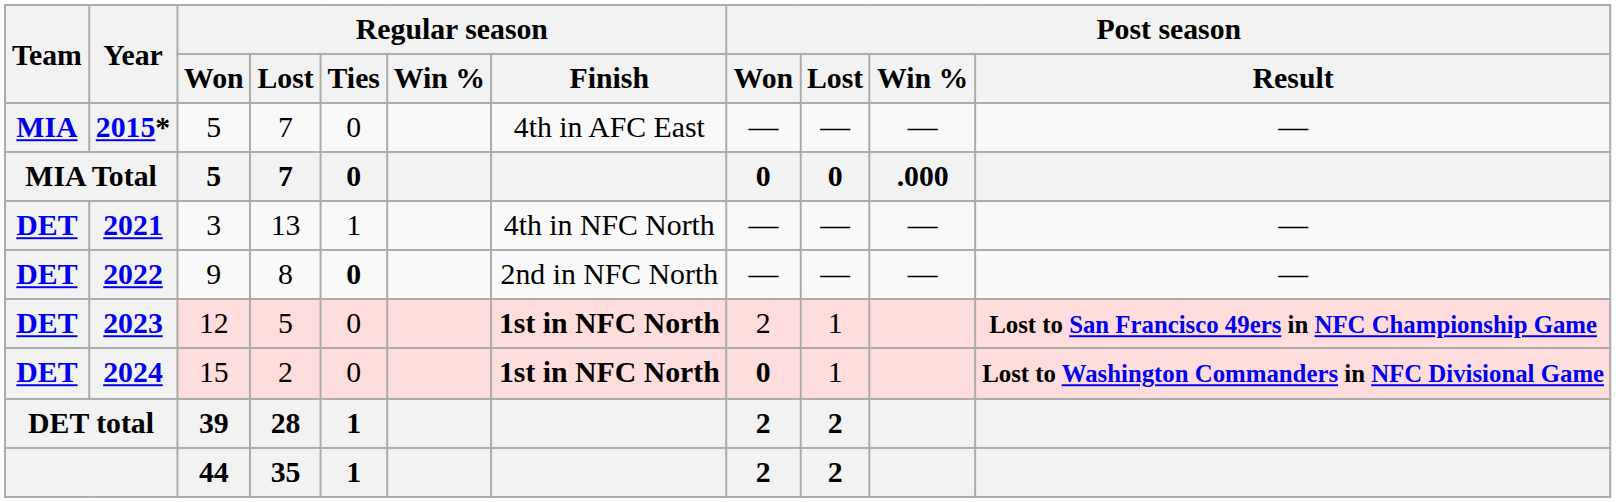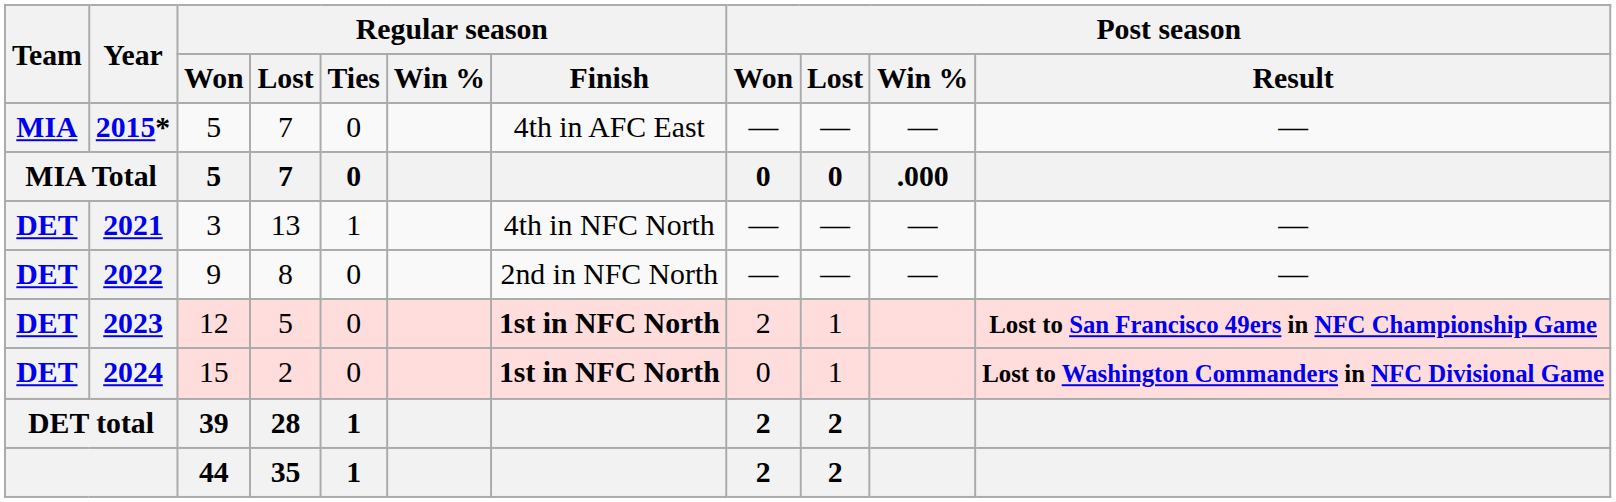 <table class="wikitable" style="font-size: 95%; text-align:center;">
 <tr>
 <th rowspan="2">Team</th>
 <th rowspan="2">Year</th>
 <th colspan="5">Regular season</th>
 <th colspan="4">Post season</th>
 </tr>
 <tr>
 <th>Won</th>
 <th>Lost</th>
 <th>Ties</th>
 <th>Win %</th>
 <th>Finish</th>
 <th>Won</th>
 <th>Lost</th>
 <th>Win %</th>
 <th>Result</th>
 </tr>
 <tr>
 <th><a href='#'>MIA</a></th>
 <th><a href='#'>2015</a>*</th>
 <td>5</td>
 <td>7</td>
 <td>0</td>
 <td></td>
 <td>4th in AFC East</td>
 <td>—</td>
 <td>—</td>
 <td>—</td>
 <td>—</td>
 </tr>
 <tr>
 <th colspan="2">MIA Total</th>
 <th>5</th>
 <th>7</th>
 <th>0</th>
 <th></th>
 <th></th>
 <th>0</th>
 <th>0</th>
 <th>.000</th>
 <th></th>
 </tr>
 <tr>
 <th><a href='#'>DET</a></th>
 <th><a href='#'>2021</a></th>
 <td>3</td>
 <td>13</td>
 <td>1</td>
 <td></td>
 <td>4th in NFC North</td>
 <td>—</td>
 <td>—</td>
 <td>—</td>
 <td>—</td>
 </tr>
 <tr>
 <th><a href='#'>DET</a></th>
 <th><a href='#'>2022</a></th>
 <td>9</td>
 <td>8</td>
-<td><strong>0</strong></td>
+<td>0</td>
 <td></td>
 <td>2nd in NFC North</td>
 <td>—</td>
 <td>—</td>
 <td>—</td>
 <td>—</td>
 </tr>
 <tr style="background:#fdd;">
 <th><a href='#'>DET</a></th>
 <th><a href='#'>2023</a></th>
 <td>12</td>
 <td>5</td>
 <td>0</td>
 <td></td>
 <td><strong>1st in NFC North</strong></td>
 <td>2</td>
 <td>1</td>
 <td></td>
 <td><small><strong>Lost to <a href='#'>San Francisco 49ers</a> in <a href='#'>NFC Championship Game</a></strong></small></td>
 </tr>
 <tr style="background:#fdd;">
 <th><a href='#'>DET</a></th>
 <th><a href='#'>2024</a></th>
 <td>15</td>
 <td>2</td>
 <td>0</td>
 <td></td>
 <td><strong>1st in NFC North</strong></td>
-<td><strong>0</strong></td>
+<td>0</td>
 <td>1</td>
 <td></td>
 <td><small><strong>Lost to <a href='#'>Washington Commanders</a> in <a href='#'>NFC Divisional Game</a></strong></small></td>
 </tr>
 <tr>
 <th colspan="2">DET total</th>
 <th>39</th>
 <th>28</th>
 <th>1</th>
 <th></th>
 <th></th>
 <th>2</th>
 <th>2</th>
 <th></th>
 <th></th>
 </tr>
 <tr>
 <th colspan="2"></th>
 <th>44</th>
 <th>35</th>
 <th>1</th>
 <th></th>
 <th></th>
 <th>2</th>
 <th>2</th>
 <th></th>
 <th></th>
 </tr>
 </table>
